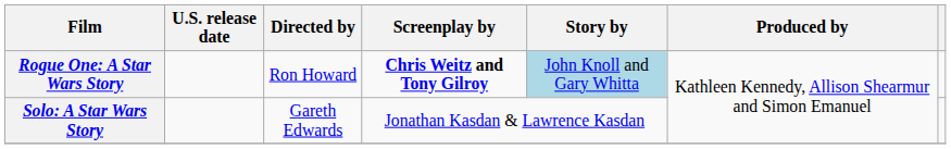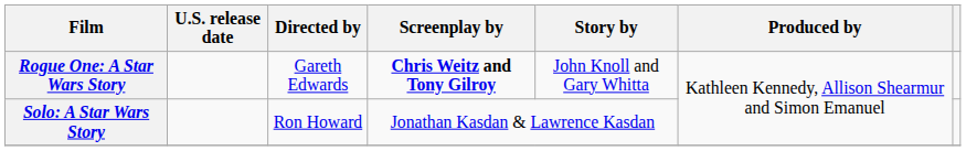 <table class="wikitable plainrowheaders sortable" style="text-align:center; margin=auto; width:100%;">
 <tr>
 <th style="width:17%;">Film</th>
 <th>U.S. release date</th>
 <th>Directed by</th>
 <th>Screenplay by</th>
 <th>Story by</th>
 <th>Produced by</th>
 <th></th>
 </tr>
 <tr>
 <th scope="row"><em><a href='#'>Rogue One: A Star Wars Story</a></em></th>
 <td style="text-align:left"></td>
-<td><a href='#'>Ron Howard</a></td>
+<td><a href='#'>Gareth Edwards</a></td>
 <td><strong><a href='#'>Chris Weitz</a> and <a href='#'>Tony Gilroy</a></strong></td>
-<td style="background: lightblue;"><a href='#'>John Knoll</a> and <a href='#'>Gary Whitta</a></td>
+<td><a href='#'>John Knoll</a> and <a href='#'>Gary Whitta</a></td>
 <td rowspan="2">Kathleen Kennedy, <a href='#'>Allison Shearmur</a> and Simon Emanuel</td>
 <td></td>
 </tr>
 <tr>
 <th scope="row"><em><a href='#'>Solo: A Star Wars Story</a></em></th>
 <td style="text-align:left"></td>
-<td><a href='#'>Gareth Edwards</a></td>
+<td><a href='#'>Ron Howard</a></td>
 <td colspan="2"><a href='#'>Jonathan Kasdan</a> & <a href='#'>Lawrence Kasdan</a></td>
 <td></td>
 </tr>
 <tr>
 </tr>
 </table>
